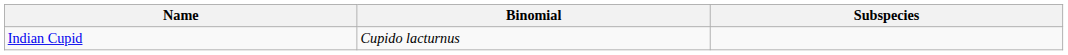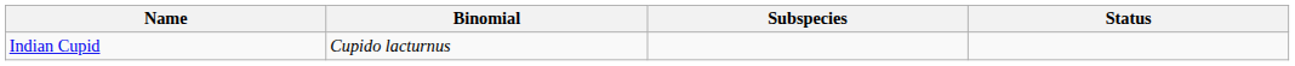 <table width=60% class="wikitable">
 <tr>
 <th width=20%>Name</th>
 <th width=20%>Binomial</th>
 <th width=20%>Subspecies</th>
+<th width=20%>Status</th>
 </tr>
 <tr>
 <td><a href='#'>Indian Cupid</a><br> </td>
 <td><em>Cupido lacturnus</em></td>
 <td></td>
+<td></td>
 </tr>
 </table>
